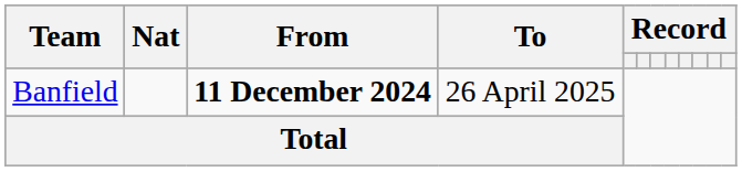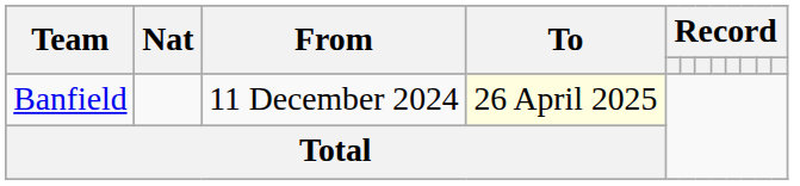 <table class="wikitable" tyle="text-align: center">
 <tr>
 <th rowspan="2">Team</th>
 <th rowspan="2">Nat</th>
 <th rowspan="2">From</th>
 <th rowspan="2">To</th>
 <th colspan="8">Record</th>
 </tr>
 <tr>
 <th></th>
 <th></th>
 <th></th>
 <th></th>
 <th></th>
 <th></th>
 <th></th>
 <th></th>
 </tr>
 <tr>
 <td align=center><a href='#'>Banfield</a></td>
 <td rowspan="1"></td>
-<td align=center><strong>11 December 2024</strong></td>
-<td align=center>26 April 2025<br></td>
+<td align=center>11 December 2024</td>
+<td align=center style="background: lightyellow;">26 April 2025<br></td>
 </tr>
 <tr>
 <th colspan="4">Total<br></th>
 </tr>
 </table>
